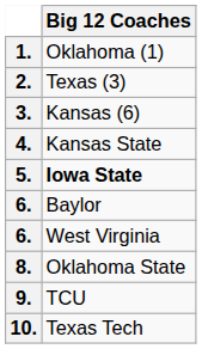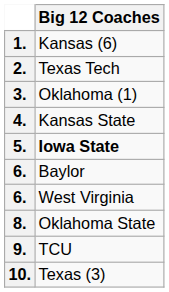 <table class="wikitable" style="white-space:nowrap; font-size:90%;">
 <tr>
 <td ! colspan=1 style="background:white; border-top-style:hidden; border-left-style:hidden;"></td>
 <th>Big 12 Coaches</th>
 </tr>
 <tr>
 <th>1.</th>
-<td>Oklahoma (1)</td>
+<td>Kansas (6)</td>
 </tr>
 <tr>
 <th>2.</th>
-<td>Texas (3)</td>
+<td>Texas Tech</td>
 </tr>
 <tr>
 <th>3.</th>
-<td>Kansas (6)</td>
+<td>Oklahoma (1)</td>
 </tr>
 <tr>
 <th>4.</th>
 <td>Kansas State</td>
 </tr>
 <tr>
 <th>5.</th>
 <td><strong>Iowa State</strong></td>
 </tr>
 <tr>
 <th>6.</th>
 <td>Baylor</td>
 </tr>
 <tr>
 <th>6.</th>
 <td>West Virginia</td>
 </tr>
 <tr>
 <th>8.</th>
 <td>Oklahoma State</td>
 </tr>
 <tr>
 <th>9.</th>
 <td>TCU</td>
 </tr>
 <tr>
 <th>10.</th>
-<td>Texas Tech</td>
+<td>Texas (3)</td>
 </tr>
 </table>
